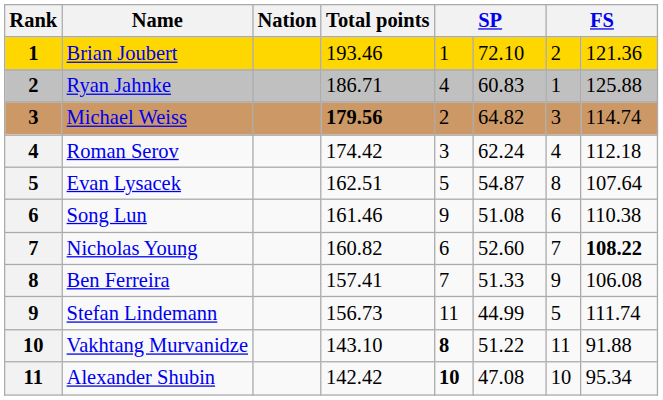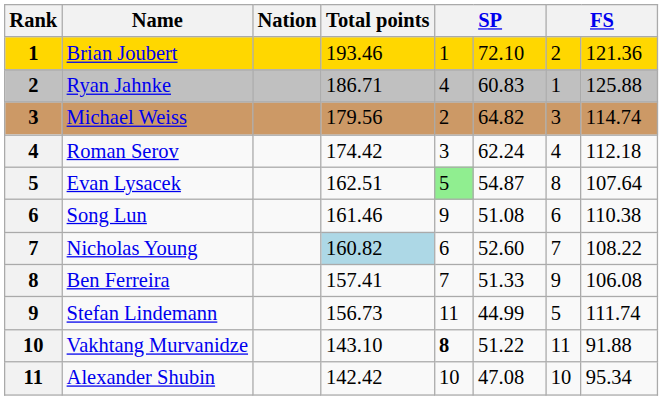 <table class="wikitable">
 <tr>
 <th>Rank</th>
 <th>Name</th>
 <th>Nation</th>
 <th>Total points</th>
 <th colspan="2" width="80px"><a href='#'>SP</a></th>
 <th colspan="2" width="80px"><a href='#'>FS</a></th>
 </tr>
 <tr bgcolor="gold">
 <td align="center"><strong>1</strong></td>
 <td><a href='#'>Brian Joubert</a></td>
 <td></td>
 <td>193.46</td>
 <td>1</td>
 <td>72.10</td>
 <td>2</td>
 <td>121.36</td>
 </tr>
 <tr bgcolor="silver">
 <td align="center"><strong>2</strong></td>
 <td><a href='#'>Ryan Jahnke</a></td>
 <td></td>
 <td>186.71</td>
 <td>4</td>
 <td>60.83</td>
 <td>1</td>
 <td>125.88</td>
 </tr>
 <tr bgcolor="cc9966">
 <td align="center"><strong>3</strong></td>
 <td><a href='#'>Michael Weiss</a></td>
 <td></td>
-<td><strong>179.56</strong></td>
+<td>179.56</td>
 <td>2</td>
 <td>64.82</td>
 <td>3</td>
 <td>114.74</td>
 </tr>
 <tr>
 <th>4</th>
 <td><a href='#'>Roman Serov</a></td>
 <td></td>
 <td>174.42</td>
 <td>3</td>
 <td>62.24</td>
 <td>4</td>
 <td>112.18</td>
 </tr>
 <tr>
 <th>5</th>
 <td><a href='#'>Evan Lysacek</a></td>
 <td></td>
 <td>162.51</td>
-<td>5</td>
+<td style="background: lightgreen;">5</td>
 <td>54.87</td>
 <td>8</td>
 <td>107.64</td>
 </tr>
 <tr>
 <th>6</th>
 <td><a href='#'>Song Lun</a></td>
 <td></td>
 <td>161.46</td>
 <td>9</td>
 <td>51.08</td>
 <td>6</td>
 <td>110.38</td>
 </tr>
 <tr>
 <th>7</th>
 <td><a href='#'>Nicholas Young</a></td>
 <td></td>
-<td>160.82</td>
+<td style="background: lightblue;">160.82</td>
 <td>6</td>
 <td>52.60</td>
 <td>7</td>
-<td><strong>108.22</strong></td>
+<td>108.22</td>
 </tr>
 <tr>
 <th>8</th>
 <td><a href='#'>Ben Ferreira</a></td>
 <td></td>
 <td>157.41</td>
 <td>7</td>
 <td>51.33</td>
 <td>9</td>
 <td>106.08</td>
 </tr>
 <tr>
 <th>9</th>
 <td><a href='#'>Stefan Lindemann</a></td>
 <td></td>
 <td>156.73</td>
 <td>11</td>
 <td>44.99</td>
 <td>5</td>
 <td>111.74</td>
 </tr>
 <tr>
 <th>10</th>
 <td><a href='#'>Vakhtang Murvanidze</a></td>
 <td></td>
 <td>143.10</td>
 <td><strong>8</strong></td>
 <td>51.22</td>
 <td>11</td>
 <td>91.88</td>
 </tr>
 <tr>
 <th>11</th>
 <td><a href='#'>Alexander Shubin</a></td>
 <td></td>
 <td>142.42</td>
-<td><strong>10</strong></td>
+<td>10</td>
 <td>47.08</td>
 <td>10</td>
 <td>95.34</td>
 </tr>
 </table>
